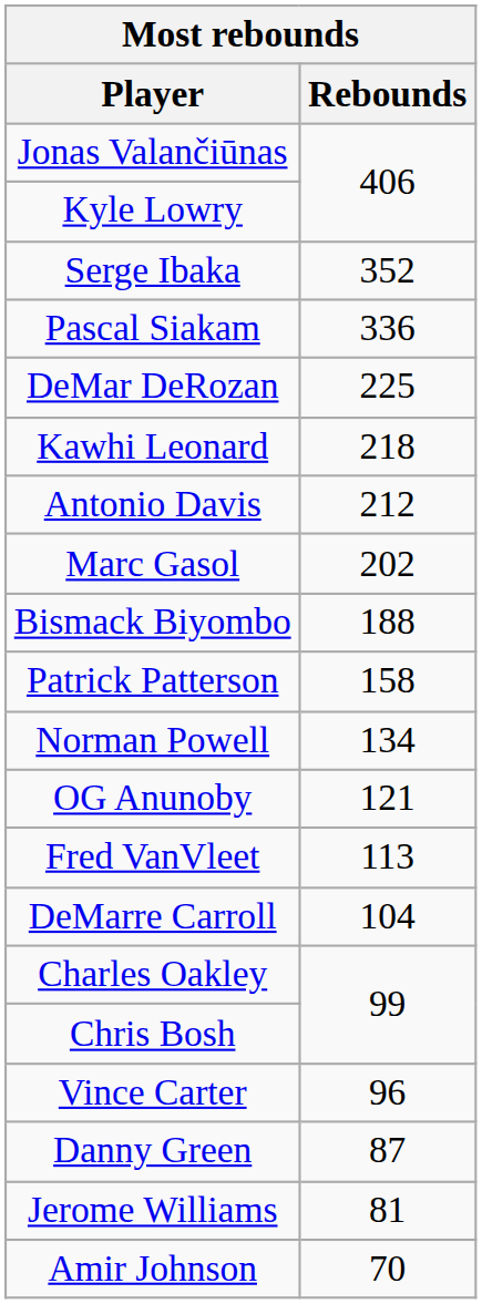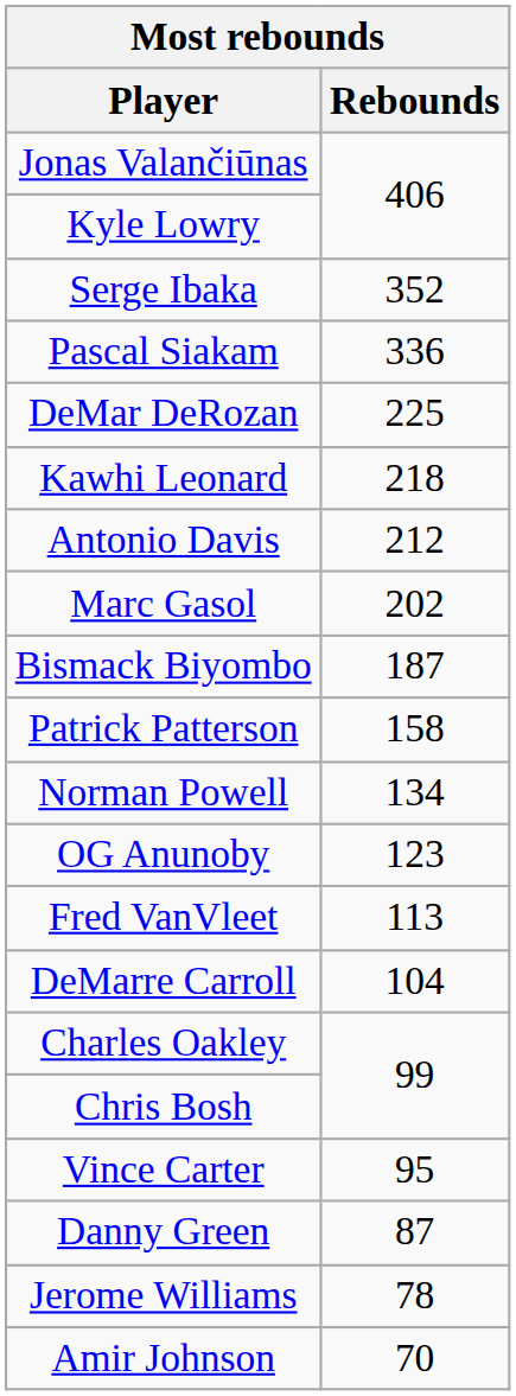 <table class="wikitable sortable" style="text-align:center">
 <tr>
 <th colspan="2">Most rebounds</th>
 </tr>
 <tr>
 <th>Player</th>
 <th>Rebounds</th>
 </tr>
 <tr>
 <td><a href='#'>Jonas Valančiūnas</a></td>
 <td rowspan=2>406</td>
 </tr>
 <tr>
 <td><a href='#'>Kyle Lowry</a></td>
 </tr>
 <tr>
 <td><a href='#'>Serge Ibaka</a></td>
 <td>352</td>
 </tr>
 <tr>
 <td><a href='#'>Pascal Siakam</a></td>
 <td>336</td>
 </tr>
 <tr>
 <td><a href='#'>DeMar DeRozan</a></td>
 <td>225</td>
 </tr>
 <tr>
 <td><a href='#'>Kawhi Leonard</a></td>
 <td>218</td>
 </tr>
 <tr>
 <td><a href='#'>Antonio Davis</a></td>
 <td>212</td>
 </tr>
 <tr>
 <td><a href='#'>Marc Gasol</a></td>
 <td>202</td>
 </tr>
 <tr>
 <td><a href='#'>Bismack Biyombo</a></td>
-<td>188</td>
+<td>187</td>
 </tr>
 <tr>
 <td><a href='#'>Patrick Patterson</a></td>
 <td>158</td>
 </tr>
 <tr>
 <td><a href='#'>Norman Powell</a></td>
 <td>134</td>
 </tr>
 <tr>
 <td><a href='#'>OG Anunoby</a></td>
-<td>121</td>
+<td>123</td>
 </tr>
 <tr>
 <td><a href='#'>Fred VanVleet</a></td>
 <td>113</td>
 </tr>
 <tr>
 <td><a href='#'>DeMarre Carroll</a></td>
 <td>104</td>
 </tr>
 <tr>
 <td><a href='#'>Charles Oakley</a></td>
 <td rowspan=2>99</td>
 </tr>
 <tr>
 <td><a href='#'>Chris Bosh</a></td>
 </tr>
 <tr>
 <td><a href='#'>Vince Carter</a></td>
-<td>96</td>
+<td>95</td>
 </tr>
 <tr>
 <td><a href='#'>Danny Green</a></td>
 <td>87</td>
 </tr>
 <tr>
 <td><a href='#'>Jerome Williams</a></td>
-<td>81</td>
+<td>78</td>
 </tr>
 <tr>
 <td><a href='#'>Amir Johnson</a></td>
 <td>70</td>
 </tr>
 </table>
